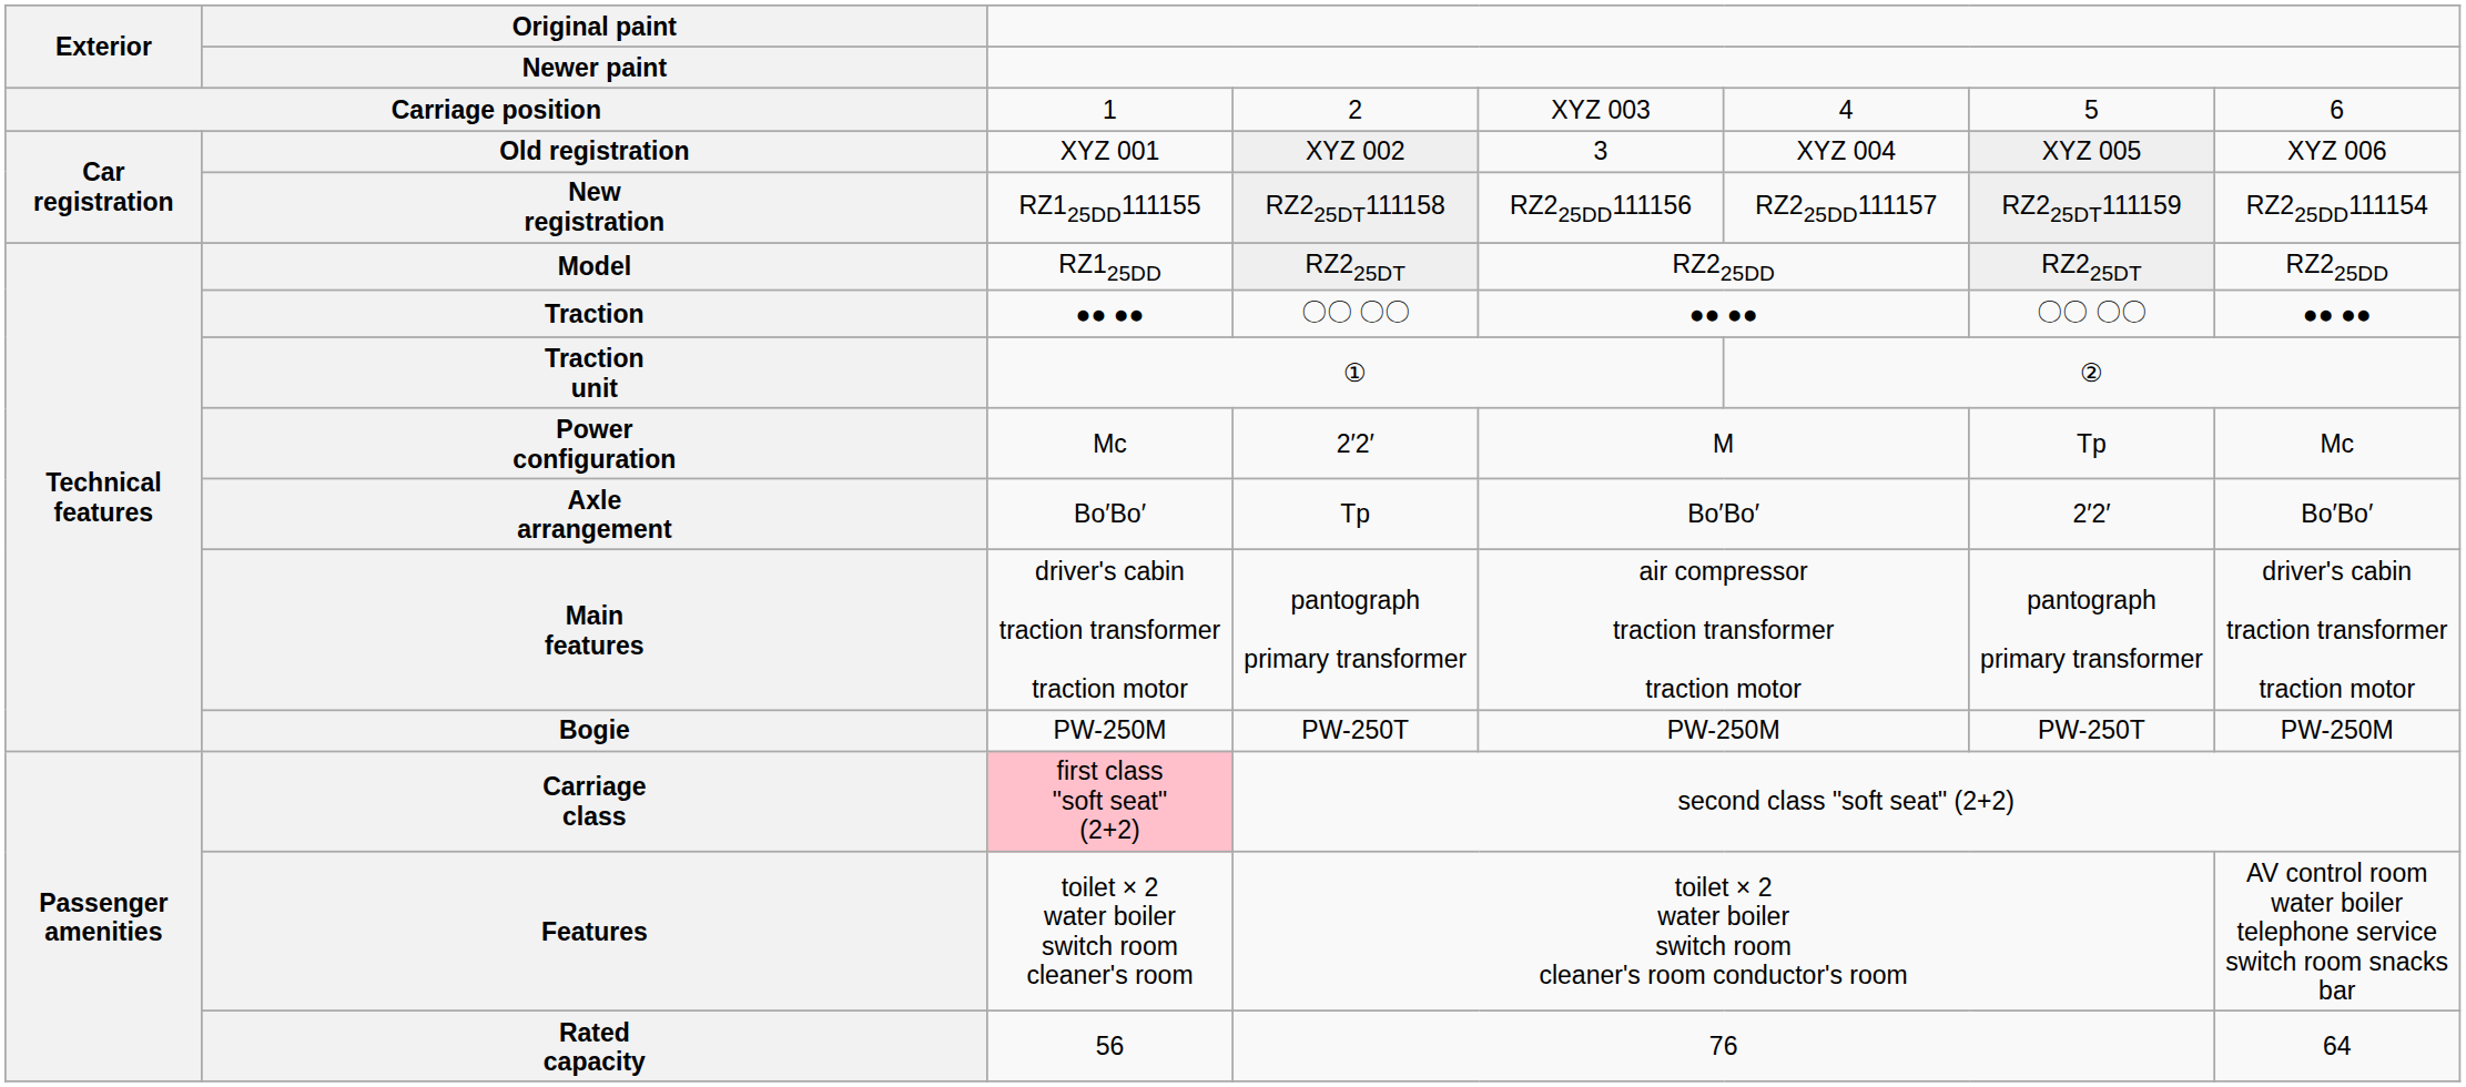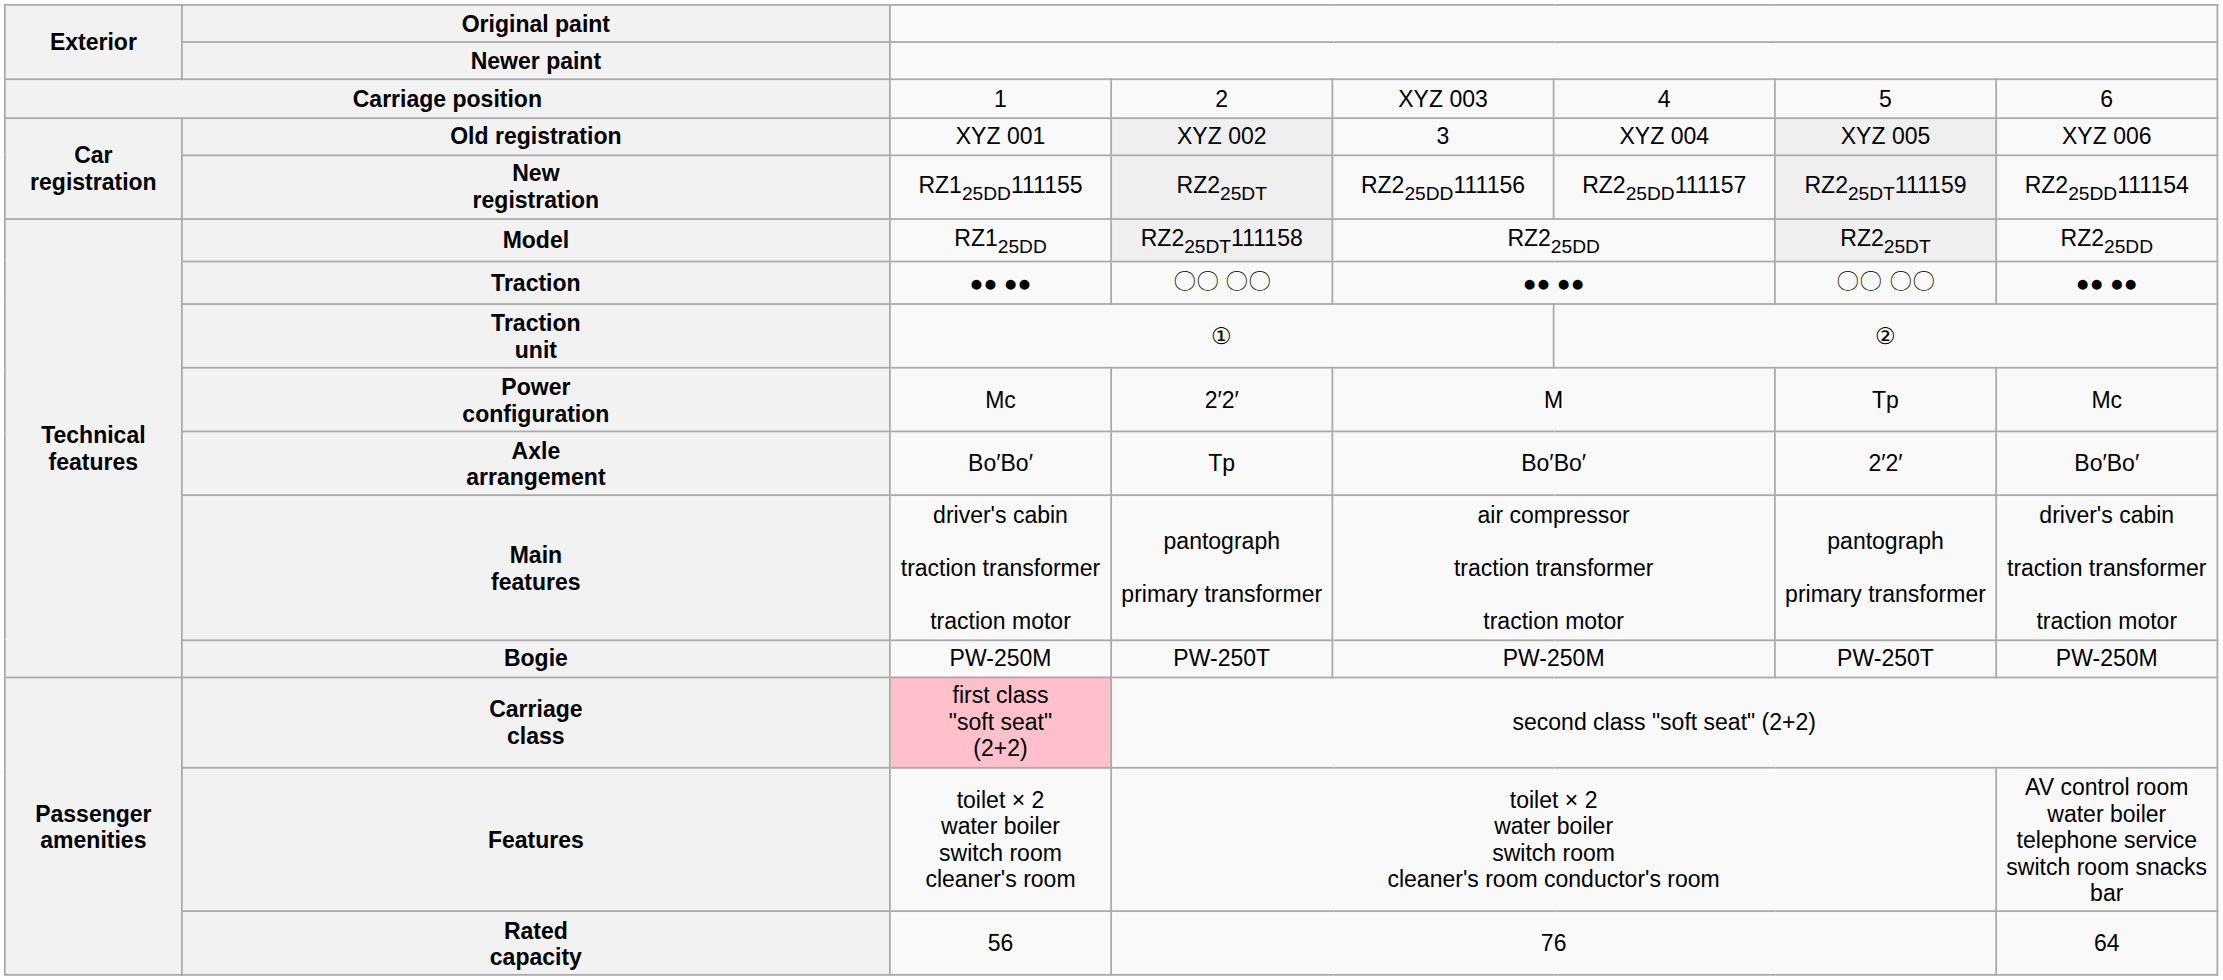 <table class="wikitable" style="text-align: center; font-size: small; ">
 <tr>
 <th rowspan="2" style="width: 8%;">Exterior</th>
 <th>Original paint</th>
 <td colspan="6"></td>
 </tr>
 <tr>
 <th>Newer paint</th>
 <td colspan="6"></td>
 </tr>
 <tr>
 <th colspan="2">Carriage position</th>
 <td style="width: 10%;">1</td>
 <td style="width: 10%;">2</td>
 <td>XYZ 003</td>
 <td style="width: 10%;">4</td>
 <td style="width: 10%;">5</td>
 <td style="width: 10%;">6</td>
 </tr>
 <tr>
 <th rowspan="2">Car<br>registration</th>
 <th>Old registration</th>
 <td>XYZ 001</td>
 <td style="background-color: #EFEFEF;">XYZ 002</td>
 <td style="width: 10%;">3</td>
 <td>XYZ 004</td>
 <td style="background-color: #EFEFEF;">XYZ 005</td>
 <td>XYZ 006</td>
 </tr>
 <tr>
 <th>New<br>registration</th>
 <td>RZ1<sub>25DD</sub>111155</td>
-<td style="background-color: #EFEFEF;">RZ2<sub>25DT</sub>111158</td>
+<td colspan="1" style="background-color: #EFEFEF;">RZ2<sub>25DT</sub></td>
 <td>RZ2<sub>25DD</sub>111156</td>
 <td>RZ2<sub>25DD</sub>111157</td>
 <td style="background-color: #EFEFEF;">RZ2<sub>25DT</sub>111159</td>
 <td>RZ2<sub>25DD</sub>111154</td>
 </tr>
 <tr>
 <th rowspan="7">Technical<br>features</th>
 <th>Model</th>
 <td colspan="1">RZ1<sub>25DD</sub></td>
-<td colspan="1" style="background-color: #EFEFEF;">RZ2<sub>25DT</sub></td>
+<td style="background-color: #EFEFEF;">RZ2<sub>25DT</sub>111158</td>
 <td colspan="2">RZ2<sub>25DD</sub></td>
 <td colspan="1" style="background-color: #EFEFEF;">RZ2<sub>25DT</sub></td>
 <td colspan="1">RZ2<sub>25DD</sub></td>
 </tr>
 <tr>
 <th>Traction</th>
 <td>●● ●●</td>
 <td>〇〇 〇〇</td>
 <td colspan="2">●● ●●</td>
 <td>〇〇 〇〇</td>
 <td>●● ●●</td>
 </tr>
 <tr>
 <th>Traction<br>unit</th>
 <td colspan="3">①</td>
 <td colspan="3">②</td>
 </tr>
 <tr>
 <th>Power<br>configuration</th>
 <td>Mc</td>
 <td>2′2′</td>
 <td colspan="2">M</td>
 <td>Tp</td>
 <td>Mc</td>
 </tr>
 <tr>
 <th>Axle<br>arrangement</th>
 <td>Bo′Bo′</td>
 <td>Tp</td>
 <td colspan="2">Bo′Bo′</td>
 <td>2′2′</td>
 <td>Bo′Bo′</td>
 </tr>
 <tr>
 <th>Main<br>features</th>
 <td>driver's cabin<br><br>traction transformer<br><br>traction motor</td>
 <td>pantograph<br><br>primary transformer</td>
 <td colspan="2">air compressor<br><br>traction transformer<br><br>traction motor</td>
 <td>pantograph<br><br>primary transformer</td>
 <td>driver's cabin<br><br>traction transformer<br><br>traction motor</td>
 </tr>
 <tr>
 <th>Bogie</th>
 <td>PW-250M</td>
 <td>PW-250T</td>
 <td colspan="2">PW-250M</td>
 <td>PW-250T</td>
 <td>PW-250M</td>
 </tr>
 <tr>
 <th rowspan="3">Passenger<br>amenities</th>
 <th>Carriage<br>class</th>
 <td style="background: pink;">first class<br>"soft seat"<br>(2+2)</td>
 <td colspan="5">second class "soft seat" (2+2)</td>
 </tr>
 <tr>
 <th>Features</th>
 <td>toilet × 2<br>water boiler<br>switch room<br>cleaner's room</td>
 <td colspan="4">toilet × 2<br>water boiler<br>switch room<br>cleaner's room conductor's room</td>
 <td>AV control room<br>water boiler<br>telephone service switch room snacks bar</td>
 </tr>
 <tr>
 <th>Rated<br>capacity</th>
 <td>56</td>
 <td colspan="4">76</td>
 <td>64</td>
 </tr>
 </table>
